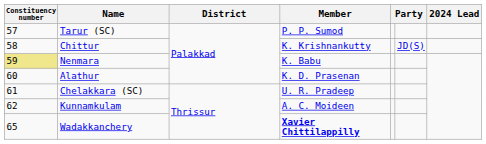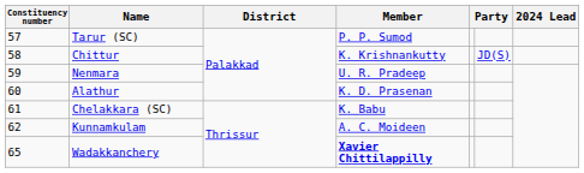 <table class="wikitable sortable">
 <tr align="center">
 <th width="50px" style="font-size:75%">Constituency number</th>
 <th width="150px">Name</th>
 <th width="150px">District</th>
 <th width="150px">Member</th>
 <th colspan="2">Party</th>
 <th colspan="2">2024 Lead</th>
 </tr>
 <tr>
 <td>57</td>
 <td><a href='#'>Tarur</a> (SC)</td>
 <td rowspan=4><a href='#'>Palakkad</a></td>
 <td><a href='#'>P. P. Sumod</a></td>
 <td></td>
 <td></td>
 </tr>
 <tr>
 <td>58</td>
 <td><a href='#'>Chittur</a></td>
 <td><a href='#'>K. Krishnankutty</a></td>
 <td style="background-color:"></td>
 <td><a href='#'>JD(S)</a></td>
 <td></td>
 </tr>
 <tr>
-<td style="background: khaki;">59</td>
+<td>59</td>
 <td><a href='#'>Nenmara</a></td>
-<td><a href='#'>K. Babu</a></td>
+<td><a href='#'>U. R. Pradeep</a></td>
 <td></td>
 <td></td>
 </tr>
 <tr>
 <td>60</td>
 <td><a href='#'>Alathur</a></td>
 <td><a href='#'>K. D. Prasenan</a></td>
 <td></td>
 <td></td>
 </tr>
 <tr>
 <td>61</td>
 <td><a href='#'>Chelakkara</a> (SC)</td>
 <td rowspan=3><a href='#'>Thrissur</a></td>
-<td><a href='#'>U. R. Pradeep</a></td>
+<td><a href='#'>K. Babu</a></td>
 <td></td>
 <td></td>
 </tr>
 <tr>
 <td>62</td>
 <td><a href='#'>Kunnamkulam</a></td>
 <td><a href='#'>A. C. Moideen</a></td>
 <td></td>
 <td></td>
 </tr>
 <tr>
 <td>65</td>
 <td><a href='#'>Wadakkanchery</a></td>
 <td><strong><a href='#'>Xavier Chittilappilly</a></strong></td>
 <td></td>
 <td></td>
 </tr>
 </table>
